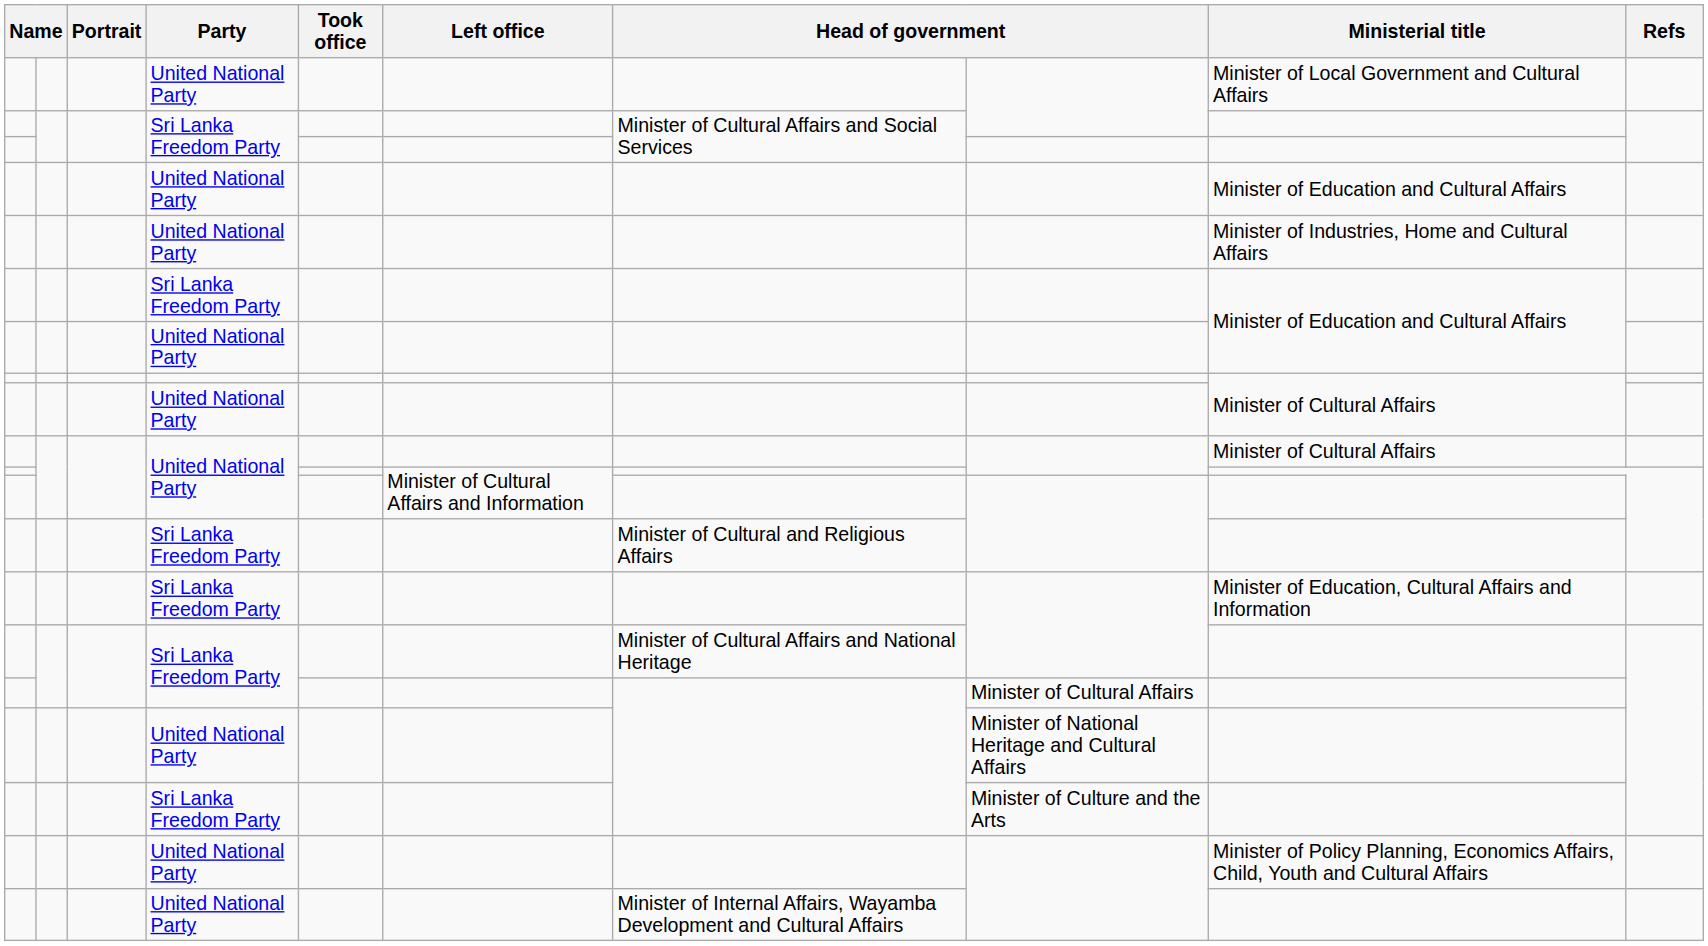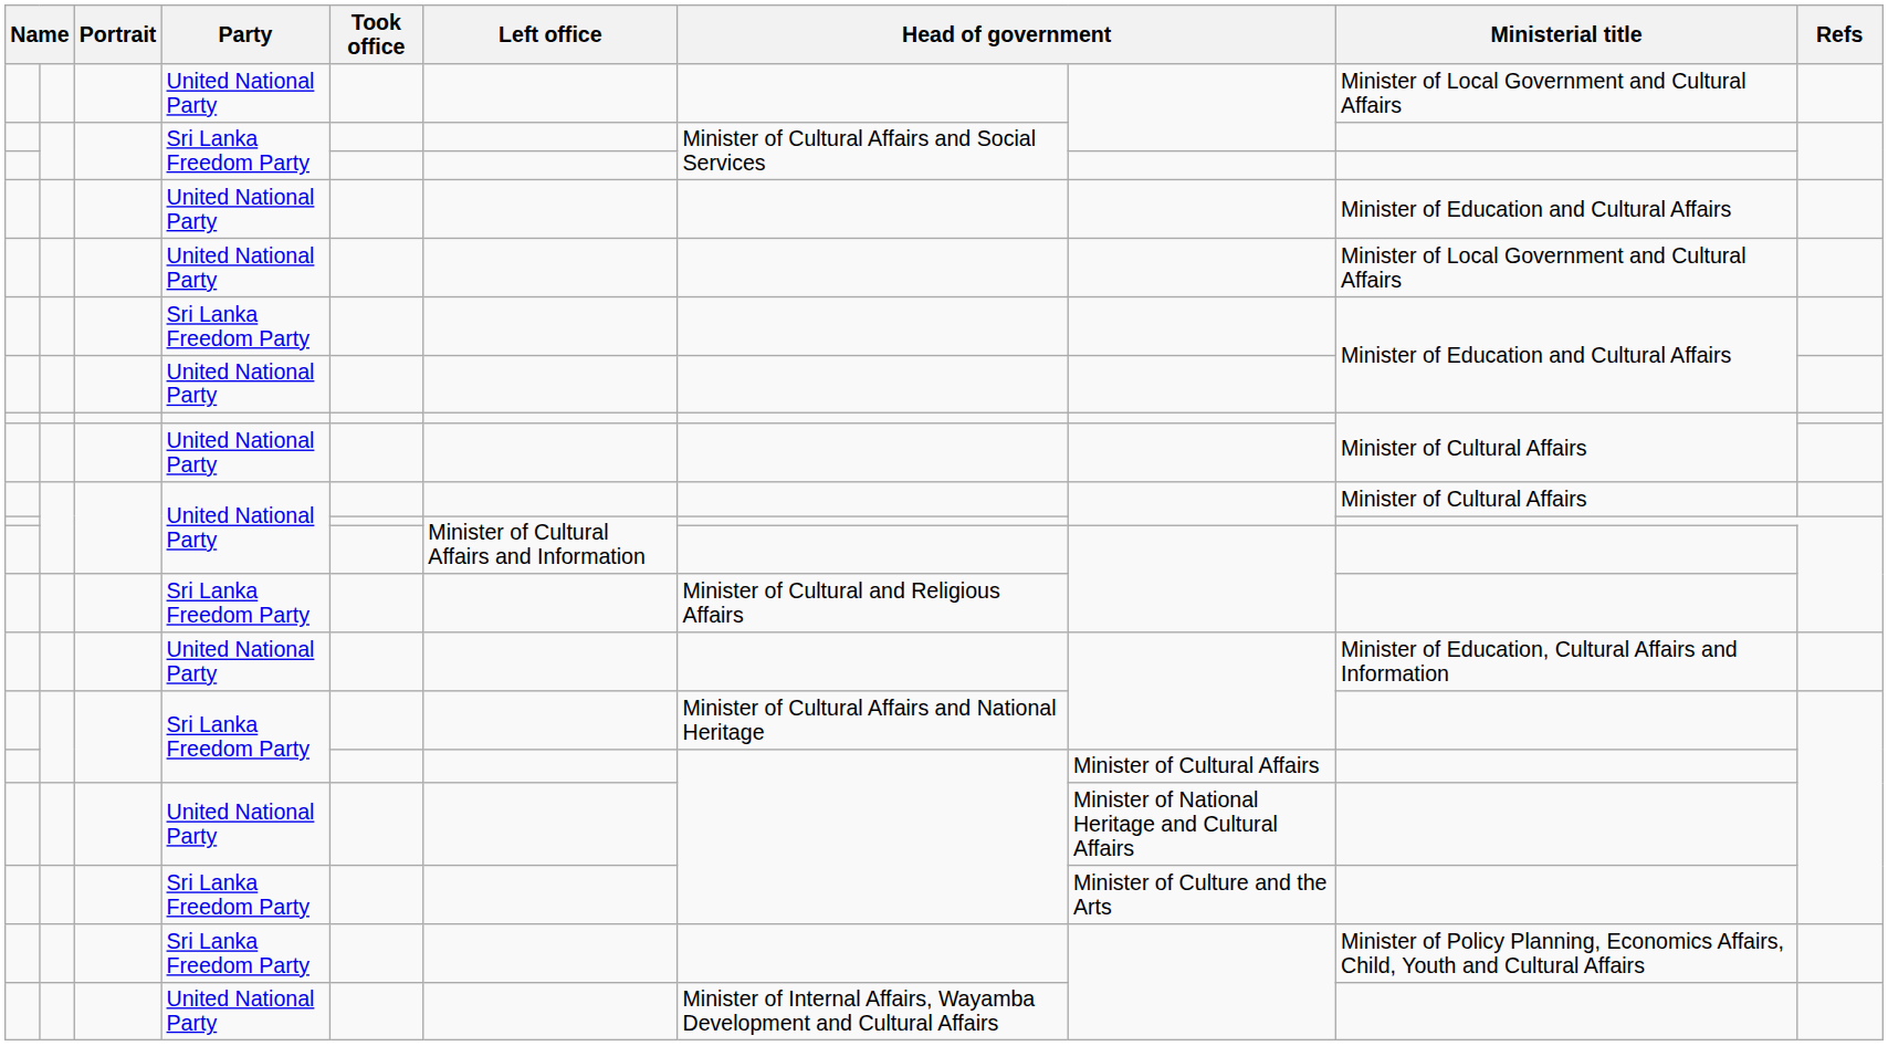 <table class="wikitable plainrowheaders sortable" style="font-size:90%; text-align:left;">
 <tr>
 <th scope=col colspan="2">Name</th>
 <th scope=col class=unsortable>Portrait</th>
 <th scope=col>Party</th>
 <th scope=col>Took office</th>
 <th scope=col>Left office</th>
 <th scope=col colspan="2">Head of government</th>
 <th scope=col width=300px>Ministerial title</th>
 <th scope=col width=50px class=unsortable>Refs</th>
 </tr>
 <tr>
 <td !align="center" style="background:"></td>
 <td></td>
 <td></td>
 <td><a href='#'>United National Party</a></td>
 <td></td>
 <td></td>
 <td !align="center" style="background:"></td>
 <td rowspan=2></td>
 <td>Minister of Local Government and Cultural Affairs</td>
 <td align=center></td>
 </tr>
 <tr>
 <td !align="center" style="background:"></td>
 <td rowspan=2></td>
 <td rowspan=2></td>
 <td rowspan=2><a href='#'>Sri Lanka Freedom Party</a></td>
 <td align=center></td>
 <td></td>
 <td rowspan=2>Minister of Cultural Affairs and Social Services</td>
 <td align=center></td>
 </tr>
 <tr>
 <td></td>
 <td align=center></td>
 <td !align="center" style="background:"></td>
 <td></td>
 <td align=center></td>
 </tr>
 <tr>
 <td !align="center" style="background:"></td>
 <td></td>
 <td></td>
 <td><a href='#'>United National Party</a></td>
 <td align=center></td>
 <td align=center></td>
 <td !align="center" style="background:"></td>
 <td></td>
 <td>Minister of Education and Cultural Affairs</td>
 <td align=center></td>
 </tr>
 <tr>
 <td !align="center" style="background:"></td>
 <td></td>
 <td align=center></td>
 <td><a href='#'>United National Party</a></td>
 <td align=center></td>
 <td></td>
 <td !align="center" style="background:"></td>
 <td></td>
-<td>Minister of Industries, Home and Cultural Affairs</td>
+<td>Minister of Local Government and Cultural Affairs</td>
 <td align=center></td>
 </tr>
 <tr>
 <td !align="center" style="background:"></td>
 <td></td>
 <td align=center></td>
 <td><a href='#'>Sri Lanka Freedom Party</a></td>
 <td align=center></td>
 <td></td>
 <td !align="center" style="background:"></td>
 <td></td>
 <td rowspan=2>Minister of Education and Cultural Affairs</td>
 <td align=center></td>
 </tr>
 <tr>
 <td !align="center" style="background:"></td>
 <td></td>
 <td></td>
 <td><a href='#'>United National Party</a></td>
 <td align=center></td>
 <td></td>
 <td !align="center" style="background:"></td>
 <td></td>
 <td align=center></td>
 </tr>
 <tr>
 <td></td>
 <td></td>
 <td></td>
 <td></td>
 <td></td>
 <td></td>
 <td !align="center" style="background:"></td>
 <td></td>
 <td rowspan=2>Minister of Cultural Affairs</td>
 <td align=center></td>
 </tr>
 <tr>
 <td !align="center" style="background:"></td>
 <td></td>
 <td align=center></td>
 <td><a href='#'>United National Party</a></td>
 <td align=center></td>
 <td></td>
 <td !align="center" style="background:"></td>
 <td></td>
 <td align=center></td>
 </tr>
 <tr>
 <td !align="center" style="background:"></td>
 <td rowspan=3></td>
 <td align=center rowspan=3></td>
 <td rowspan=3><a href='#'>United National Party</a></td>
 <td align=center></td>
 <td align=center></td>
 <td !align="center" style="background:"></td>
 <td rowspan=2></td>
 <td>Minister of Cultural Affairs</td>
 <td align=center></td>
 </tr>
 <tr>
 <td align=center></td>
 <td></td>
 <td rowspan=2>Minister of Cultural Affairs and Information</td>
 <td align=center></td>
 </tr>
 <tr>
 <td></td>
 <td align=center></td>
 <td !align="center" style="background:"></td>
 <td rowspan=2></td>
 <td align=center></td>
 </tr>
 <tr>
 <td !align="center" style="background:"></td>
 <td></td>
 <td></td>
 <td><a href='#'>Sri Lanka Freedom Party</a></td>
 <td align=center></td>
 <td></td>
 <td>Minister of Cultural and Religious Affairs</td>
 <td align=center></td>
 </tr>
 <tr>
 <td !align="center" style="background:"></td>
 <td></td>
 <td></td>
-<td><a href='#'>Sri Lanka Freedom Party</a></td>
+<td><a href='#'>United National Party</a></td>
 <td align=center></td>
 <td></td>
 <td !align="center" style="background:"></td>
 <td rowspan=2></td>
 <td>Minister of Education, Cultural Affairs and Information</td>
 <td align=center></td>
 </tr>
 <tr>
 <td !align="center" style="background:"></td>
 <td rowspan=2></td>
 <td align=center rowspan=2></td>
 <td rowspan=2><a href='#'>Sri Lanka Freedom Party</a></td>
 <td align=center></td>
 <td></td>
 <td>Minister of Cultural Affairs and National Heritage</td>
 <td align=center></td>
 </tr>
 <tr>
 <td align=center></td>
 <td></td>
 <td !align="center" style="background:"></td>
 <td rowspan=3></td>
 <td>Minister of Cultural Affairs</td>
 <td align=center></td>
 </tr>
 <tr>
 <td !align="center" style="background:"></td>
 <td></td>
 <td></td>
 <td><a href='#'>United National Party</a></td>
 <td align=center></td>
 <td></td>
 <td>Minister of National Heritage and Cultural Affairs</td>
 <td align=center></td>
 </tr>
 <tr>
 <td !align="center" style="background:"></td>
 <td></td>
 <td align=center></td>
 <td><a href='#'>Sri Lanka Freedom Party</a></td>
 <td align=center></td>
 <td></td>
 <td>Minister of Culture and the Arts</td>
 <td align=center></td>
 </tr>
 <tr>
 <td !align="center" style="background:"></td>
 <td></td>
 <td align=center></td>
-<td><a href='#'>United National Party</a></td>
+<td><a href='#'>Sri Lanka Freedom Party</a></td>
 <td align=center></td>
 <td align=center></td>
 <td !align="center" style="background:"></td>
 <td rowspan=2></td>
 <td>Minister of Policy Planning, Economics Affairs, Child, Youth and Cultural Affairs</td>
 <td align=center></td>
 </tr>
 <tr>
 <td !align="center" style="background:"></td>
 <td></td>
 <td></td>
 <td><a href='#'>United National Party</a></td>
 <td align=center></td>
 <td align=center></td>
 <td>Minister of Internal Affairs, Wayamba Development and Cultural Affairs</td>
 <td align=center></td>
 </tr>
 </table>
